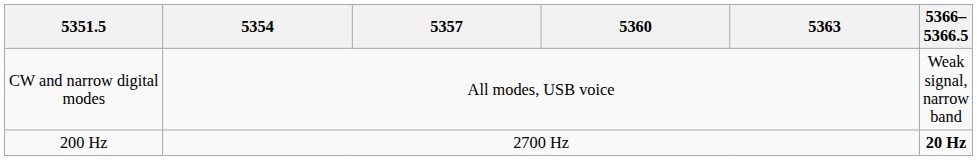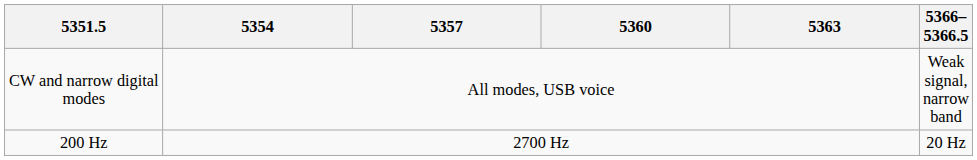 <table class="wikitable" style="text-align: center; width: 60%">
 <tr>
 <th style="width: 16.7%">5351.5</th>
 <th style="width: 20%">5354</th>
 <th style="width: 20%">5357</th>
 <th style="width: 20%">5360</th>
 <th style="width: 20%">5363</th>
 <th style="width: 3.3%">5366–5366.5</th>
 </tr>
 <tr>
 <td>CW and narrow digital modes</td>
 <td colspan=4>All modes, USB voice</td>
 <td>Weak signal, narrow band</td>
 </tr>
 <tr>
 <td>200 Hz</td>
 <td colspan=4>2700 Hz</td>
-<td><strong>20 Hz</strong></td>
+<td>20 Hz</td>
 </tr>
 </table>
